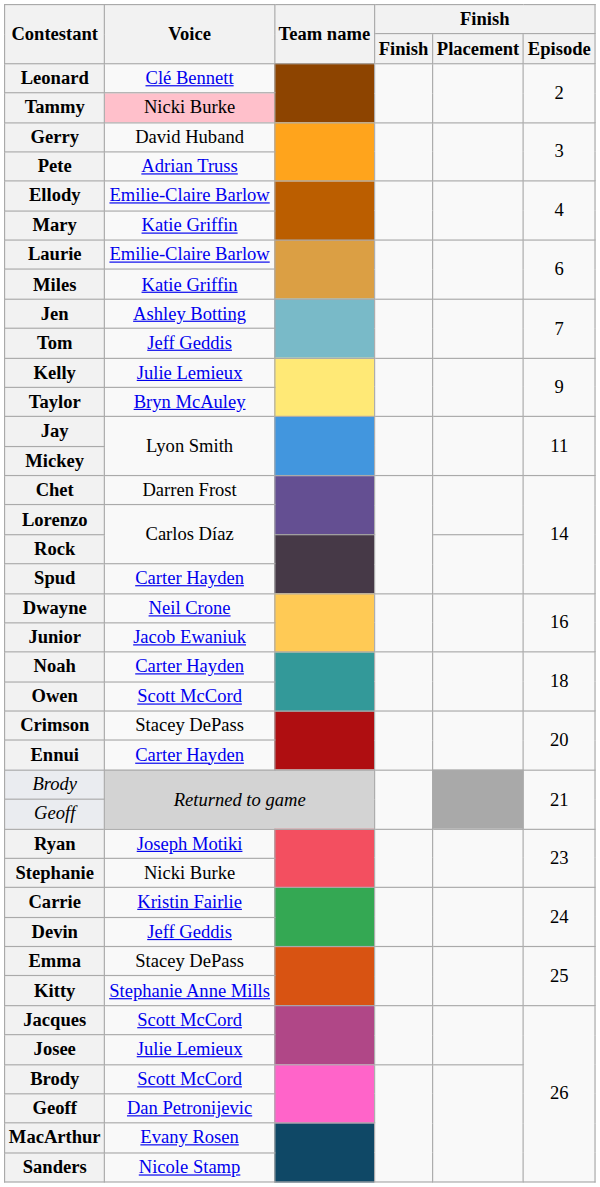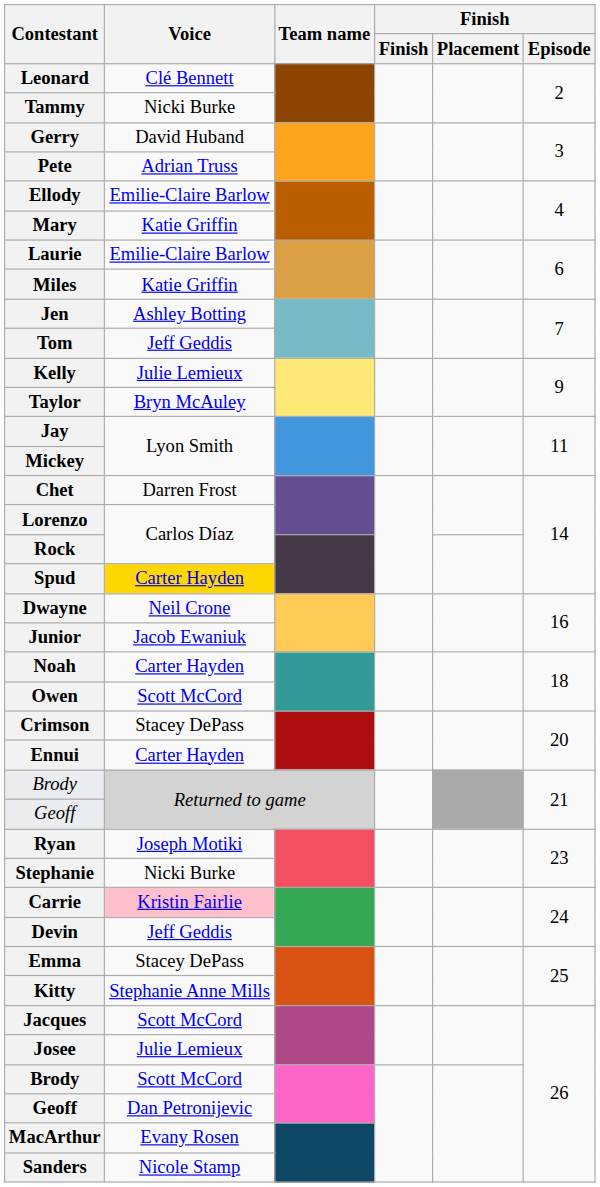 <table class="wikitable sortable" style="text-align:center;">
 <tr>
 <th rowspan="2" scope="col">Contestant</th>
 <th rowspan="2" class="unsortable">Voice</th>
 <th rowspan="2" class="unsortable" scope="col">Team name</th>
 <th colspan="4" scope="col">Finish</th>
 </tr>
 <tr>
 <th>Finish</th>
 <th>Placement</th>
 <th>Episode</th>
 </tr>
 <tr>
 <th scope="row">Leonard</th>
 <td><a href='#'>Clé Bennett</a></td>
 <td rowspan="2" bgcolor=#8d4400></td>
 <td rowspan="2"></td>
 <td rowspan="2"></td>
 <td rowspan="2">2</td>
 </tr>
 <tr>
 <th scope="row">Tammy</th>
-<td style="background: pink;">Nicki Burke</td>
+<td>Nicki Burke</td>
 </tr>
 <tr>
 <th scope="row">Gerry</th>
 <td>David Huband</td>
 <td rowspan="2" bgcolor=#ffa41c></td>
 <td rowspan="2"></td>
 <td rowspan="2"></td>
 <td rowspan="2">3</td>
 </tr>
 <tr>
 <th scope="row">Pete</th>
 <td><a href='#'>Adrian Truss</a></td>
 </tr>
 <tr>
 <th scope="row">Ellody</th>
 <td><a href='#'>Emilie-Claire Barlow</a></td>
 <td rowspan="2" bgcolor=#bb5e00></td>
 <td rowspan="2"></td>
 <td rowspan="2"></td>
 <td rowspan="2">4</td>
 </tr>
 <tr>
 <th scope="row">Mary</th>
 <td><a href='#'>Katie Griffin</a></td>
 </tr>
 <tr>
 <th scope="row">Laurie</th>
 <td><a href='#'>Emilie-Claire Barlow</a></td>
 <td rowspan="2" bgcolor=#db9f44></td>
 <td rowspan="2"></td>
 <td rowspan="2"></td>
 <td rowspan="2">6</td>
 </tr>
 <tr>
 <th scope="row">Miles</th>
 <td><a href='#'>Katie Griffin</a></td>
 </tr>
 <tr>
 <th scope="row">Jen</th>
 <td><a href='#'>Ashley Botting</a></td>
 <td rowspan="2" bgcolor=#79bac8></td>
 <td rowspan="2"></td>
 <td rowspan="2"></td>
 <td rowspan="2">7</td>
 </tr>
 <tr>
 <th scope="row">Tom</th>
 <td><a href='#'>Jeff Geddis</a></td>
 </tr>
 <tr>
 <th scope="row">Kelly</th>
 <td><a href='#'>Julie Lemieux</a></td>
 <td rowspan="2" bgcolor=#ffe976></td>
 <td rowspan="2"></td>
 <td rowspan="2"></td>
 <td rowspan="2">9</td>
 </tr>
 <tr>
 <th scope="row">Taylor</th>
 <td><a href='#'>Bryn McAuley</a></td>
 </tr>
 <tr>
 <th scope="row">Jay</th>
 <td rowspan="2">Lyon Smith</td>
 <td rowspan="2" bgcolor=#4296de></td>
 <td rowspan="2"></td>
 <td rowspan="2"></td>
 <td rowspan="2">11</td>
 </tr>
 <tr>
 <th scope="row">Mickey</th>
 </tr>
 <tr>
 <th scope="row">Chet</th>
 <td>Darren Frost</td>
 <td rowspan="2" bgcolor=#644f92></td>
 <td rowspan="4"></td>
 <td rowspan="2"></td>
 <td rowspan="4">14</td>
 </tr>
 <tr>
 <th scope="row">Lorenzo</th>
 <td rowspan="2">Carlos Díaz</td>
 </tr>
 <tr>
 <th scope="row">Rock</th>
 <td rowspan="2" bgcolor=#463947></td>
 <td rowspan="2"></td>
 </tr>
 <tr>
 <th scope="row">Spud</th>
-<td><a href='#'>Carter Hayden</a></td>
+<td style="background: gold;"><a href='#'>Carter Hayden</a></td>
 </tr>
 <tr>
 <th scope="row">Dwayne</th>
 <td><a href='#'>Neil Crone</a></td>
 <td rowspan="2" bgcolor=#ffca55></td>
 <td rowspan="2"></td>
 <td rowspan="2"></td>
 <td rowspan="2">16</td>
 </tr>
 <tr>
 <th scope="row">Junior</th>
 <td><a href='#'>Jacob Ewaniuk</a></td>
 </tr>
 <tr>
 <th scope="row">Noah</th>
 <td><a href='#'>Carter Hayden</a></td>
 <td rowspan="2" bgcolor=#339999></td>
 <td rowspan="2"></td>
 <td rowspan="2"></td>
 <td rowspan="2">18</td>
 </tr>
 <tr>
 <th scope="row">Owen</th>
 <td><a href='#'>Scott McCord</a></td>
 </tr>
 <tr>
 <th scope="row">Crimson</th>
 <td>Stacey DePass</td>
 <td rowspan="2" bgcolor=#af0e11></td>
 <td rowspan="2"></td>
 <td rowspan="2"></td>
 <td rowspan="2">20</td>
 </tr>
 <tr>
 <th scope="row">Ennui</th>
 <td><a href='#'>Carter Hayden</a></td>
 </tr>
 <tr>
 <td bgcolor="#eaecf0" scope="row"><em>Brody</em></td>
 <td rowspan="2" bgcolor="lightgrey" colspan="2"><em>Returned to game</em></td>
 <td rowspan="2"></td>
 <td bgcolor="darkgrey" rowspan="2"></td>
 <td rowspan="2">21</td>
 </tr>
 <tr>
 <td bgcolor="eaecf0" scope="row"><em>Geoff</em></td>
 </tr>
 <tr>
 <th scope="row">Ryan</th>
 <td><a href='#'>Joseph Motiki</a></td>
 <td rowspan="2" bgcolor=#f34f60></td>
 <td rowspan="2"></td>
 <td rowspan="2"></td>
 <td rowspan="2">23</td>
 </tr>
 <tr>
 <th scope="row">Stephanie</th>
 <td>Nicki Burke</td>
 </tr>
 <tr>
 <th scope="row">Carrie</th>
-<td><a href='#'>Kristin Fairlie</a></td>
+<td style="background: pink;"><a href='#'>Kristin Fairlie</a></td>
 <td rowspan="2" bgcolor=#34a853></td>
 <td rowspan="2"></td>
 <td rowspan="2"></td>
 <td rowspan="2">24</td>
 </tr>
 <tr>
 <th scope="row">Devin</th>
 <td><a href='#'>Jeff Geddis</a></td>
 </tr>
 <tr>
 <th scope="row">Emma</th>
 <td>Stacey DePass</td>
 <td rowspan="2" bgcolor=#d85312></td>
 <td rowspan="2"></td>
 <td rowspan="2"></td>
 <td rowspan="2">25</td>
 </tr>
 <tr>
 <th scope="row">Kitty</th>
 <td><a href='#'>Stephanie Anne Mills</a></td>
 </tr>
 <tr>
 <th scope="row">Jacques</th>
 <td><a href='#'>Scott McCord</a></td>
 <td rowspan="2" bgcolor=#b04787></td>
 <td rowspan="2"></td>
 <td rowspan="2"></td>
 <td rowspan="6">26</td>
 </tr>
 <tr>
 <th scope="row">Josee</th>
 <td><a href='#'>Julie Lemieux</a></td>
 </tr>
 <tr>
 <th scope="row">Brody</th>
 <td><a href='#'>Scott McCord</a></td>
 <td rowspan="2" bgcolor=#ff64c9></td>
 <td rowspan="4"></td>
 <td rowspan="4"></td>
 </tr>
 <tr>
 <th scope="row">Geoff</th>
 <td><a href='#'>Dan Petronijevic</a></td>
 </tr>
 <tr>
 <th scope="row">MacArthur</th>
 <td><a href='#'>Evany Rosen</a></td>
 <td rowspan="2" bgcolor=#0f4866></td>
 </tr>
 <tr>
 <th scope="row">Sanders</th>
 <td><a href='#'>Nicole Stamp</a></td>
 </tr>
 </table>
